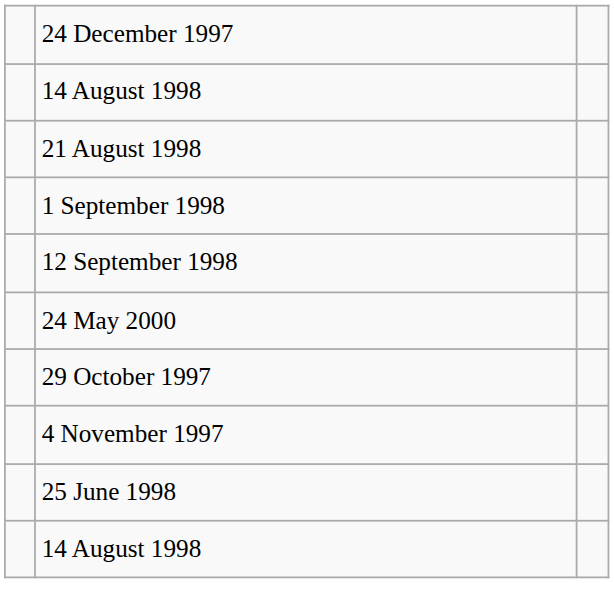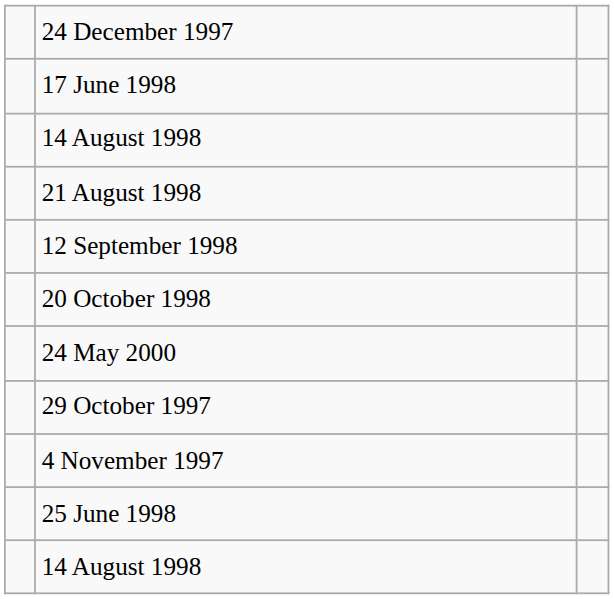 <table class="wikitable" style="font-size: 89%; float: left; width: 24em; margin-right: 1em; line-height: 1.65em !important; height: 324px;">
 <tr>
 <td></td>
 <td>24 December 1997</td>
+<td></td>
+</tr>
+<tr>
+<td></td>
+<td>17 June 1998</td>
 <td></td>
 </tr>
 <tr>
 <td></td>
 <td>14 August 1998</td>
 <td></td>
 </tr>
 <tr>
 <td></td>
 <td>21 August 1998</td>
 <td></td>
 </tr>
 <tr>
 <td></td>
-<td>1 September 1998</td>
+<td>12 September 1998</td>
 <td></td>
 </tr>
 <tr>
 <td></td>
-<td>12 September 1998</td>
+<td>20 October 1998</td>
 <td></td>
 </tr>
 <tr>
 <td></td>
 <td>24 May 2000</td>
 <td></td>
 </tr>
 <tr>
 <td></td>
 <td>29 October 1997</td>
 <td></td>
 </tr>
 <tr>
 <td></td>
 <td>4 November 1997</td>
 <td></td>
 </tr>
 <tr>
 <td></td>
 <td>25 June 1998</td>
 <td></td>
 </tr>
 <tr>
 <td></td>
 <td>14 August 1998</td>
 <td></td>
 </tr>
 </table>
